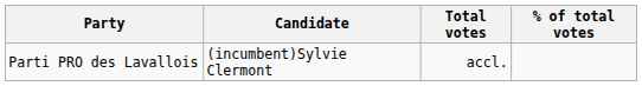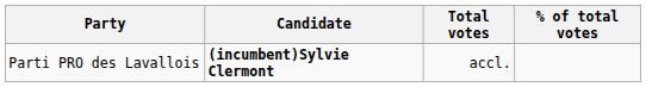 <table style="width:600px;" class="wikitable">
 <tr style="background-color:#E9E9E9">
 <th colspan="2" style="width: 200px">Party</th>
 <th colspan="1" style="width: 200px">Candidate</th>
 <th align="right">Total votes</th>
 <th align="right">% of total votes</th>
 </tr>
 <tr>
 <td colspan="2" align="left">Parti PRO des Lavallois</td>
-<td align="left">(incumbent)Sylvie Clermont</td>
+<td align="left"><strong>(incumbent)Sylvie Clermont</strong></td>
 <td align="right">accl.</td>
 <td align="right"></td>
 </tr>
 </table>
